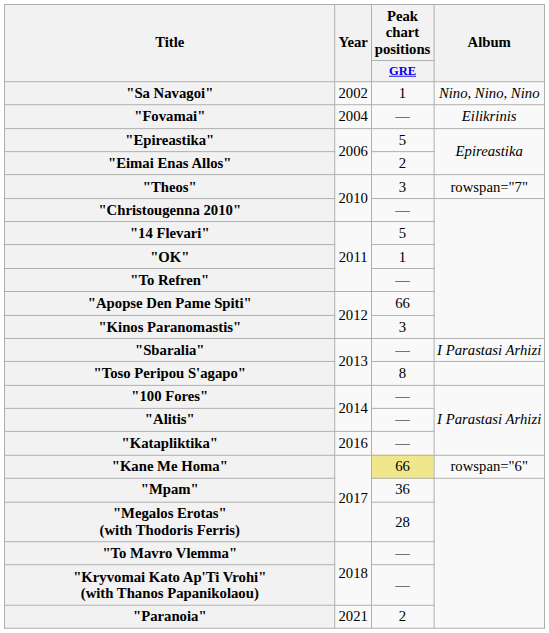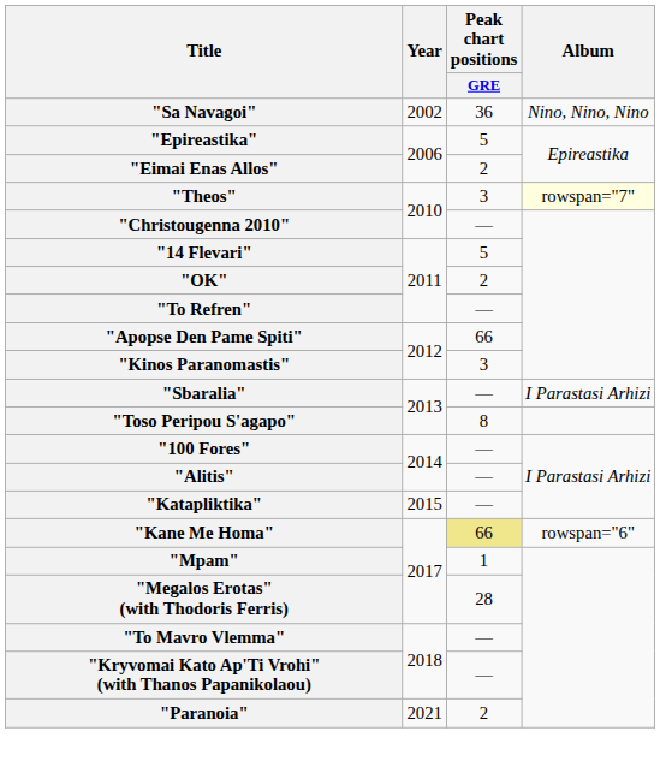 <table class="wikitable plainrowheaders" style="text-align:center">
 <tr>
 <th scope="col" rowspan="2" scope="col" style="width:22em;">Title</th>
 <th scope="col" rowspan="2" style="width:1em;">Year</th>
 <th scope="col" colspan="1">Peak chart positions</th>
 <th scope="col" rowspan="2">Album</th>
 </tr>
 <tr>
 <th scope="col" style="width:3em;font-size:85%;"><a href='#'>GRE</a><br><span></span></th>
 </tr>
 <tr>
 <th scope="row">"Sa Navagoi"</th>
 <td>2002</td>
-<td>1</td>
+<td>36</td>
 <td><em>Nino, Nino, Nino</em></td>
-</tr>
-<tr>
-<th scope="row">"Fovamai"</th>
-<td>2004</td>
-<td>—</td>
-<td><em>Eilikrinis</em></td>
 </tr>
 <tr>
 <th scope="row">"Epireastika"</th>
 <td rowspan="2">2006</td>
 <td>5</td>
 <td rowspan="2"><em>Epireastika</em></td>
 </tr>
 <tr>
 <th scope="row">"Eimai Enas Allos"</th>
 <td>2</td>
 </tr>
 <tr>
 <th scope="row">"Theos"</th>
 <td rowspan="2">2010</td>
 <td>3</td>
-<td>rowspan="7" </td>
+<td style="background: lightyellow;">rowspan="7" </td>
 </tr>
 <tr>
 <th scope="row">"Christougenna 2010"</th>
 <td>—</td>
 </tr>
 <tr>
 <th scope="row">"14 Flevari"</th>
 <td rowspan="3">2011</td>
 <td>5</td>
 </tr>
 <tr>
 <th scope="row">"OK"</th>
-<td>1</td>
+<td>2</td>
 </tr>
 <tr>
 <th scope="row">"To Refren"</th>
 <td>—</td>
 </tr>
 <tr>
 <th scope="row">"Apopse Den Pame Spiti"</th>
 <td rowspan="2">2012</td>
 <td>66</td>
 </tr>
 <tr>
 <th scope="row">"Kinos Paranomastis"</th>
 <td>3</td>
 </tr>
 <tr>
 <th scope="row">"Sbaralia"</th>
 <td rowspan="2">2013</td>
 <td>—</td>
 <td><em>I Parastasi Arhizi</em></td>
 </tr>
 <tr>
 <th scope="row">"Toso Peripou S'agapo"</th>
 <td>8</td>
 <td></td>
 </tr>
 <tr>
 <th scope="row">"100 Fores"</th>
 <td rowspan="2">2014</td>
 <td>—</td>
 <td rowspan="3"><em>I Parastasi Arhizi</em></td>
 </tr>
 <tr>
 <th scope="row">"Alitis"</th>
 <td>—</td>
 </tr>
 <tr>
 <th scope="row">"Katapliktika"</th>
-<td>2016</td>
+<td>2015</td>
 <td>—</td>
 </tr>
 <tr>
 <th scope="row">"Kane Me Homa"</th>
 <td rowspan="3">2017</td>
 <td style="background: khaki;">66</td>
 <td>rowspan="6" </td>
 </tr>
 <tr>
 <th scope="row">"Mpam"</th>
-<td>36</td>
+<td>1</td>
 </tr>
 <tr>
 <th scope="row">"Megalos Erotas"<br><span>(with Thodoris Ferris)</span></th>
 <td>28</td>
 </tr>
 <tr>
 <th scope="row">"To Mavro Vlemma"</th>
 <td rowspan="2">2018</td>
 <td>—</td>
 </tr>
 <tr>
 <th scope="row">"Kryvomai Kato Ap'Ti Vrohi"<br><span>(with Thanos Papanikolaou)</span></th>
 <td>—</td>
 </tr>
 <tr>
 <th scope="row">"Paranoia"</th>
 <td>2021</td>
 <td>2</td>
 </tr>
 </table>
